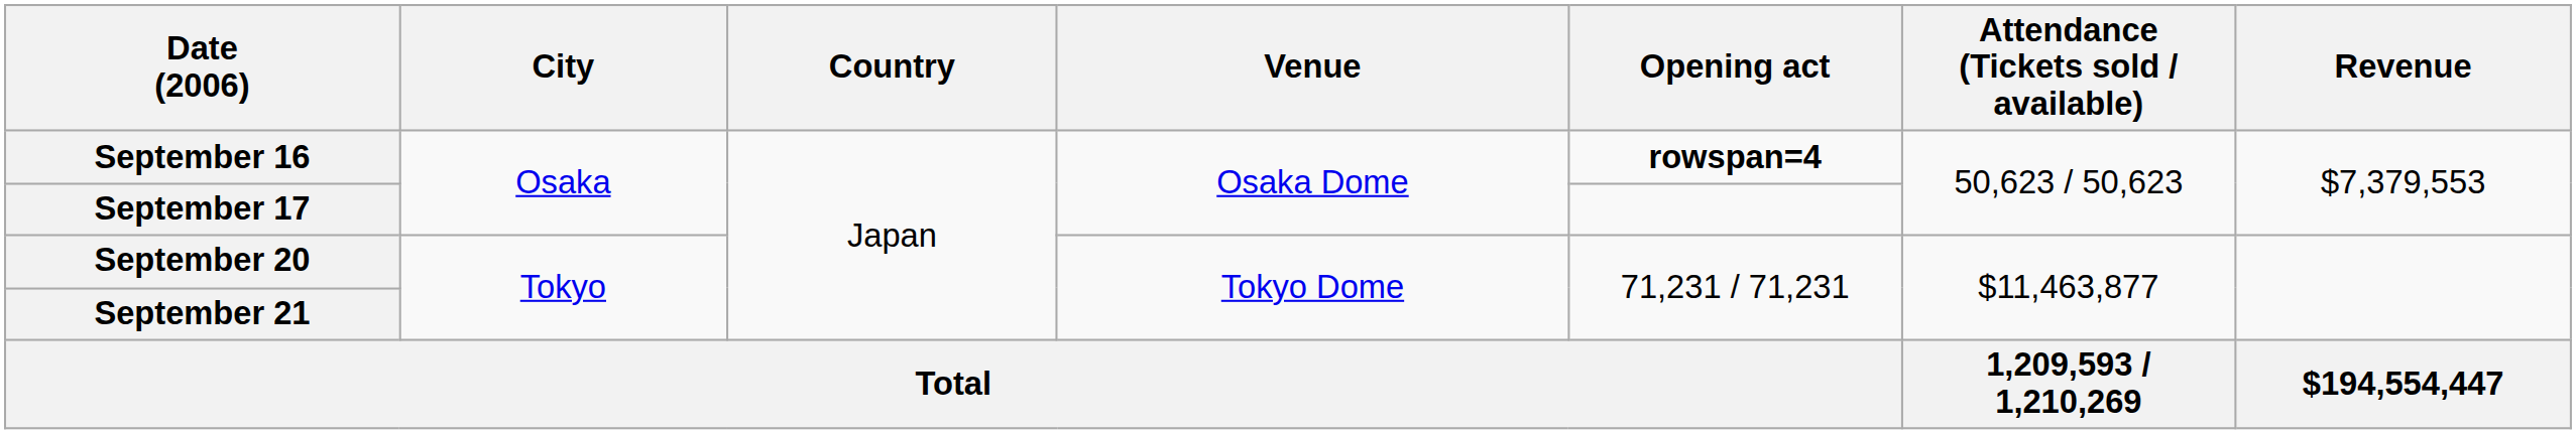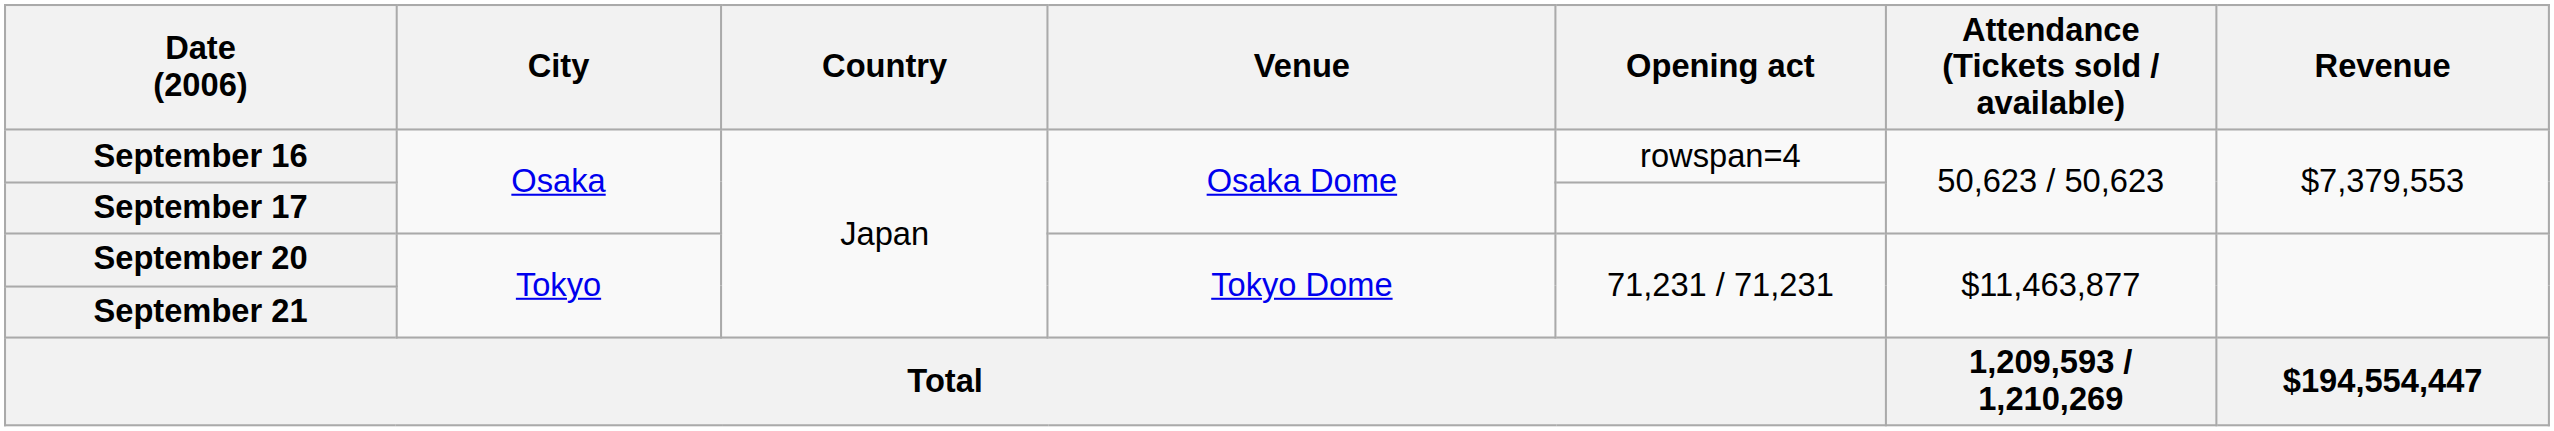 <table class="wikitable plainrowheaders" style="text-align:center;">
 <tr>
 <th scope="col" style="width:12em;">Date<br>(2006)</th>
 <th scope="col" style="width:10em;">City</th>
 <th scope="col" style="width:10em;">Country</th>
 <th scope="col" style="width:16em;">Venue</th>
 <th scope="col" style="width:10em;">Opening act</th>
 <th scope="col" style="width:10em;">Attendance <br>(Tickets sold / available)</th>
 <th scope="col" style="width:10em;">Revenue</th>
 </tr>
 <tr>
 <th scope="row" style="text-align:center;">September 16</th>
 <td rowspan=2><a href='#'>Osaka</a></td>
 <td rowspan=4>Japan</td>
 <td rowspan=2><a href='#'>Osaka Dome</a></td>
-<td><strong>rowspan=4 </strong></td>
+<td>rowspan=4 </td>
 <td rowspan=2>50,623 / 50,623</td>
 <td rowspan=2>$7,379,553</td>
 </tr>
 <tr>
 <th scope="row" style="text-align:center;">September 17</th>
 </tr>
 <tr>
 <th scope="row" style="text-align:center;">September 20</th>
 <td rowspan=2><a href='#'>Tokyo</a></td>
 <td rowspan=2><a href='#'>Tokyo Dome</a></td>
 <td rowspan=2>71,231 / 71,231</td>
 <td rowspan=2>$11,463,877</td>
 </tr>
 <tr>
 <th scope="row" style="text-align:center;">September 21</th>
 </tr>
 <tr>
 <th colspan=5>Total</th>
 <th scope="row" style="text-align:center;"><strong>1,209,593 / 1,210,269</strong></th>
 <th scope="row" style="text-align:center;"><strong>$194,554,447</strong></th>
 </tr>
 </table>
